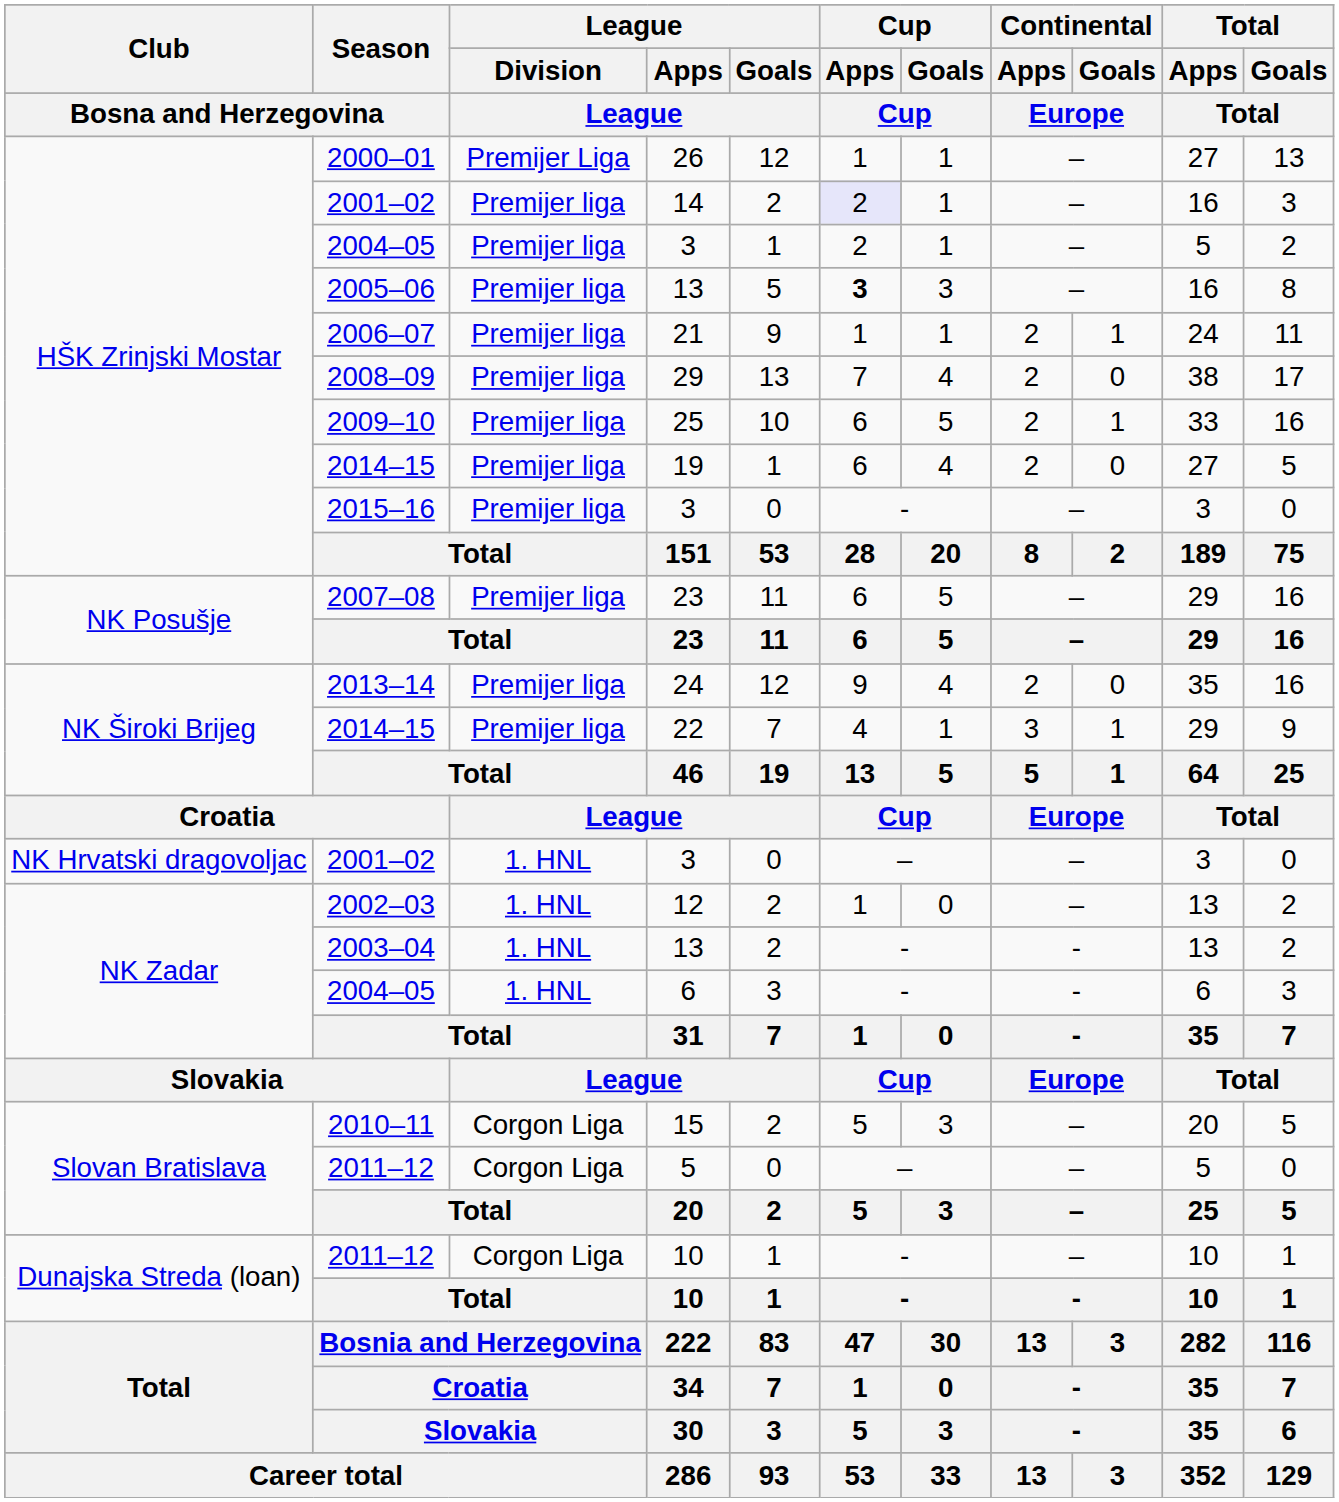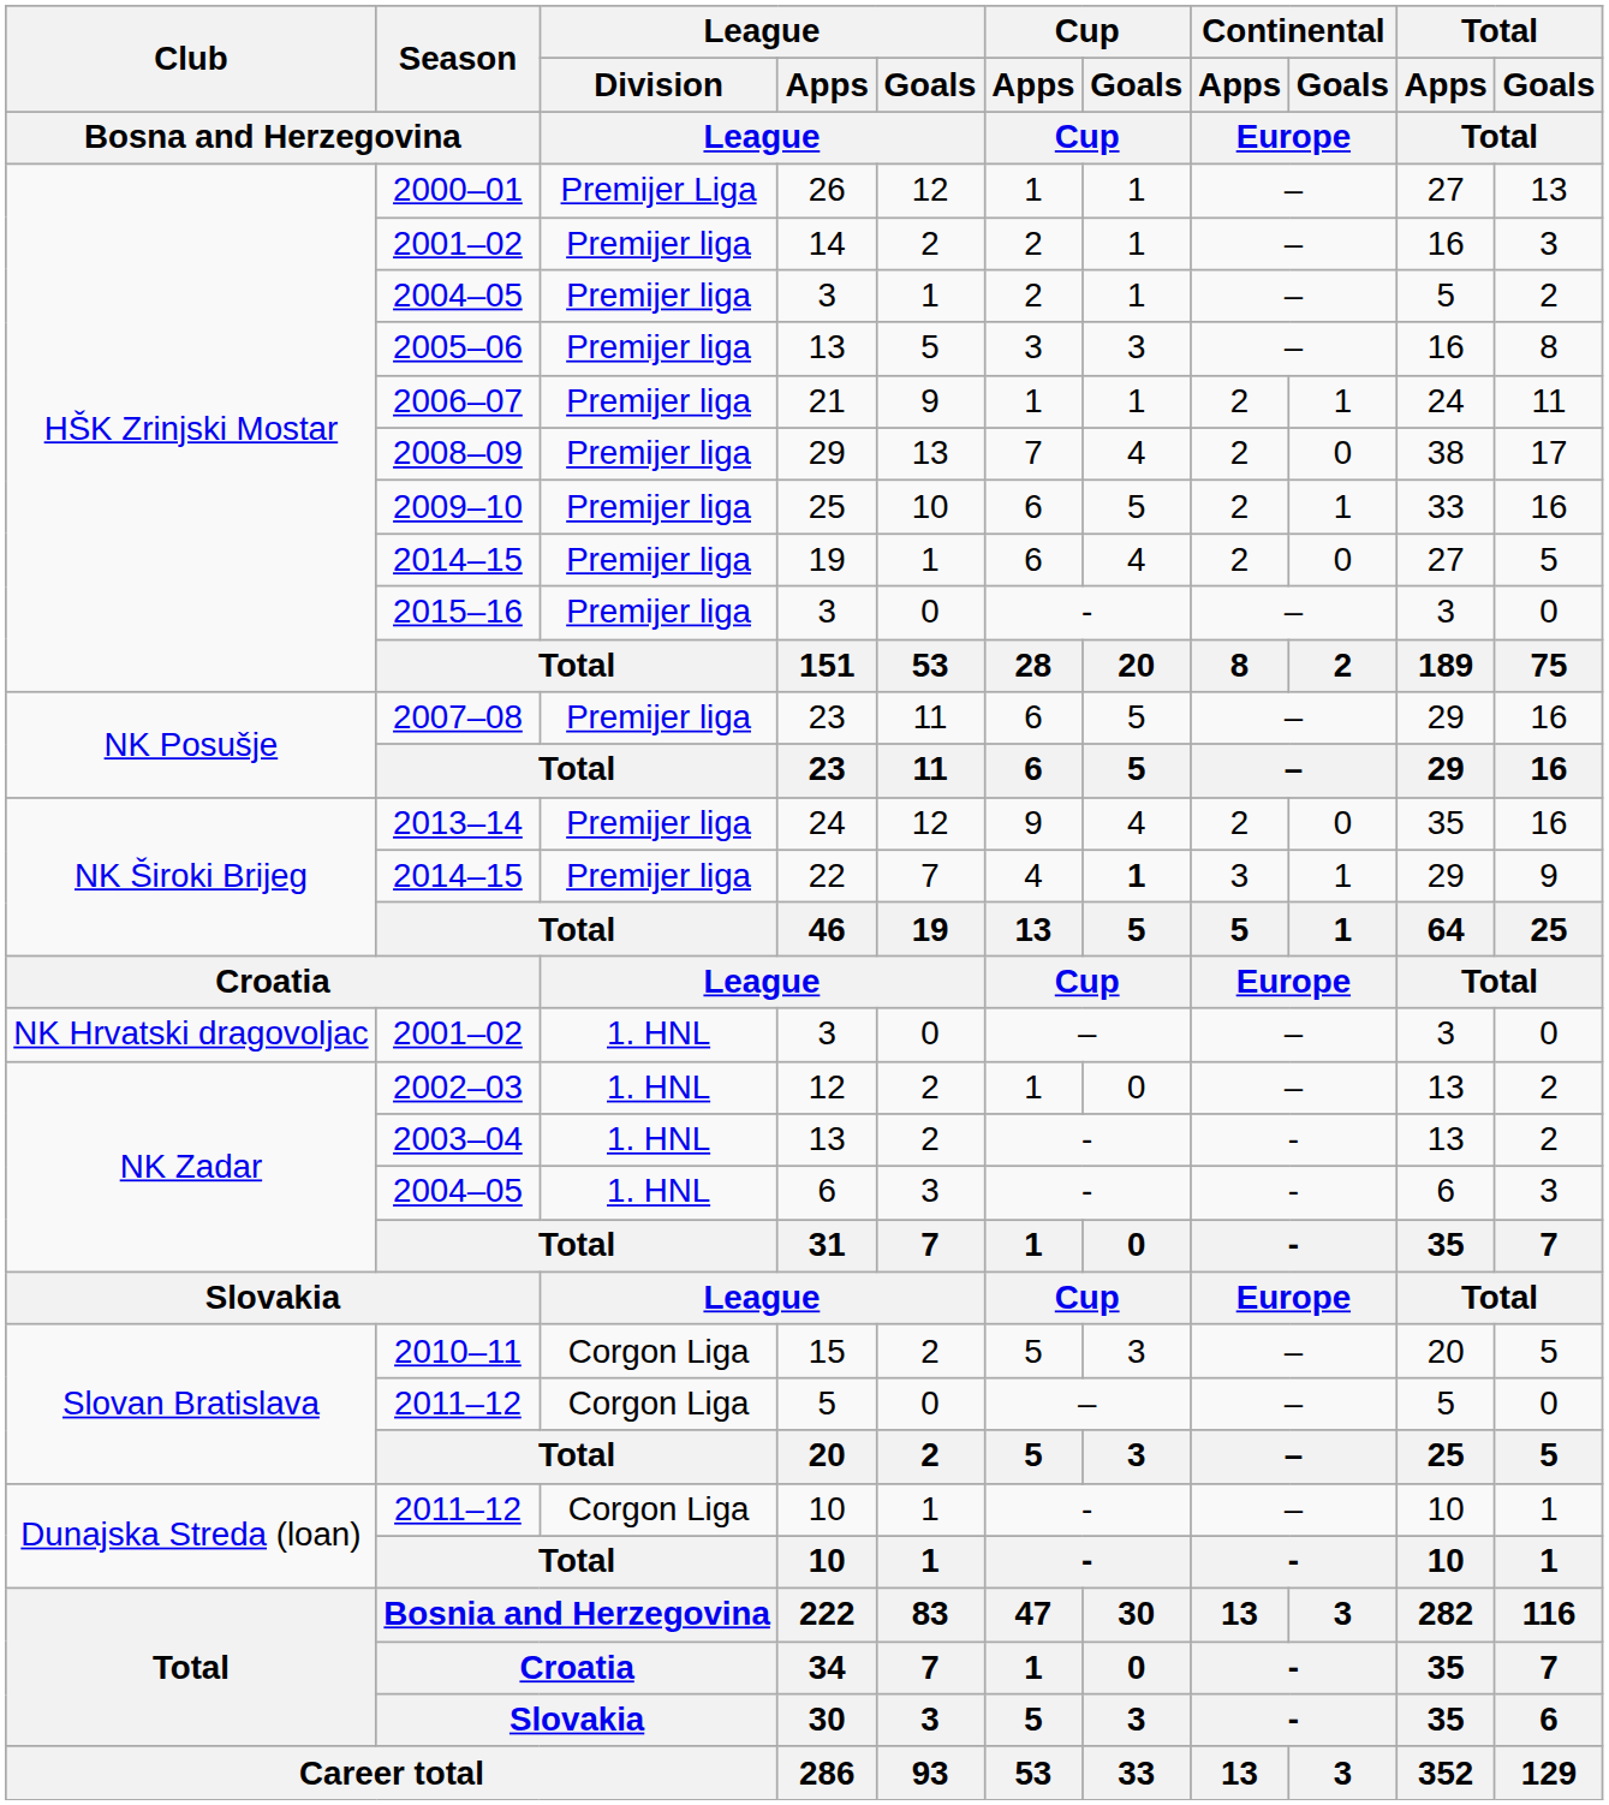 <table class="wikitable" style="text-align: center;">
 <tr>
 <th rowspan=2>Club</th>
 <th rowspan=2>Season</th>
 <th colspan=3>League</th>
 <th colspan=2>Cup</th>
 <th colspan=2>Continental</th>
 <th colspan=2>Total</th>
 </tr>
 <tr>
 <th>Division</th>
 <th>Apps</th>
 <th>Goals</th>
 <th>Apps</th>
 <th>Goals</th>
 <th>Apps</th>
 <th>Goals</th>
 <th>Apps</th>
 <th>Goals</th>
 </tr>
 <tr>
 <th colspan=2>Bosna and Herzegovina</th>
 <th colspan=3><a href='#'>League</a></th>
 <th colspan=2><a href='#'>Cup</a></th>
 <th colspan=2><a href='#'>Europe</a></th>
 <th colspan=2>Total</th>
 </tr>
 <tr>
 <td rowspan=10><a href='#'>HŠK Zrinjski Mostar</a></td>
 <td><a href='#'>2000–01</a></td>
 <td><a href='#'>Premijer Liga</a></td>
 <td>26</td>
 <td>12</td>
 <td>1</td>
 <td>1</td>
 <td colspan=2>–</td>
 <td>27</td>
 <td>13</td>
 </tr>
 <tr>
 <td><a href='#'>2001–02</a></td>
 <td><a href='#'>Premijer liga</a></td>
 <td>14</td>
 <td>2</td>
-<td style="background: lavender;">2</td>
+<td>2</td>
 <td>1</td>
 <td colspan=2>–</td>
 <td>16</td>
 <td>3</td>
 </tr>
 <tr>
 <td><a href='#'>2004–05</a></td>
 <td><a href='#'>Premijer liga</a></td>
 <td>3</td>
 <td>1</td>
 <td>2</td>
 <td>1</td>
 <td colspan=2>–</td>
 <td>5</td>
 <td>2</td>
 </tr>
 <tr>
 <td><a href='#'>2005–06</a></td>
 <td><a href='#'>Premijer liga</a></td>
 <td>13</td>
 <td>5</td>
-<td><strong>3</strong></td>
+<td>3</td>
 <td>3</td>
 <td colspan=2>–</td>
 <td>16</td>
 <td>8</td>
 </tr>
 <tr>
 <td><a href='#'>2006–07</a></td>
 <td><a href='#'>Premijer liga</a></td>
 <td>21</td>
 <td>9</td>
 <td>1</td>
 <td>1</td>
 <td>2</td>
 <td>1</td>
 <td>24</td>
 <td>11</td>
 </tr>
 <tr>
 <td><a href='#'>2008–09</a></td>
 <td><a href='#'>Premijer liga</a></td>
 <td>29</td>
 <td>13</td>
 <td>7</td>
 <td>4</td>
 <td>2</td>
 <td>0</td>
 <td>38</td>
 <td>17</td>
 </tr>
 <tr>
 <td><a href='#'>2009–10</a></td>
 <td><a href='#'>Premijer liga</a></td>
 <td>25</td>
 <td>10</td>
 <td>6</td>
 <td>5</td>
 <td>2</td>
 <td>1</td>
 <td>33</td>
 <td>16</td>
 </tr>
 <tr>
 <td><a href='#'>2014–15</a></td>
 <td><a href='#'>Premijer liga</a></td>
 <td>19</td>
 <td>1</td>
 <td>6</td>
 <td>4</td>
 <td>2</td>
 <td>0</td>
 <td>27</td>
 <td>5</td>
 </tr>
 <tr>
 <td><a href='#'>2015–16</a></td>
 <td><a href='#'>Premijer liga</a></td>
 <td>3</td>
 <td>0</td>
 <td colspan=2>-</td>
 <td colspan=2>–</td>
 <td>3</td>
 <td>0</td>
 </tr>
 <tr>
 <th colspan=2>Total</th>
 <th>151</th>
 <th>53</th>
 <th>28</th>
 <th>20</th>
 <th>8</th>
 <th>2</th>
 <th>189</th>
 <th>75</th>
 </tr>
 <tr>
 <td rowspan=2><a href='#'>NK Posušje</a></td>
 <td><a href='#'>2007–08</a></td>
 <td><a href='#'>Premijer liga</a></td>
 <td>23</td>
 <td>11</td>
 <td>6</td>
 <td>5</td>
 <td colspan=2>–</td>
 <td>29</td>
 <td>16</td>
 </tr>
 <tr>
 <th colspan=2>Total</th>
 <th>23</th>
 <th>11</th>
 <th>6</th>
 <th>5</th>
 <th colspan=2>–</th>
 <th>29</th>
 <th>16</th>
 </tr>
 <tr>
 <td rowspan=3><a href='#'>NK Široki Brijeg</a></td>
 <td><a href='#'>2013–14</a></td>
 <td><a href='#'>Premijer liga</a></td>
 <td>24</td>
 <td>12</td>
 <td>9</td>
 <td>4</td>
 <td>2</td>
 <td>0</td>
 <td>35</td>
 <td>16</td>
 </tr>
 <tr>
 <td><a href='#'>2014–15</a></td>
 <td><a href='#'>Premijer liga</a></td>
 <td>22</td>
 <td>7</td>
 <td>4</td>
-<td>1</td>
+<td><strong>1</strong></td>
 <td>3</td>
 <td>1</td>
 <td>29</td>
 <td>9</td>
 </tr>
 <tr>
 <th colspan=2>Total</th>
 <th>46</th>
 <th>19</th>
 <th>13</th>
 <th>5</th>
 <th>5</th>
 <th>1</th>
 <th>64</th>
 <th>25</th>
 </tr>
 <tr>
 <th colspan=2>Croatia</th>
 <th colspan=3><a href='#'>League</a></th>
 <th colspan=2><a href='#'>Cup</a></th>
 <th colspan=2><a href='#'>Europe</a></th>
 <th colspan=2>Total</th>
 </tr>
 <tr>
 <td rowspan=1><a href='#'>NK Hrvatski dragovoljac</a></td>
 <td><a href='#'>2001–02</a></td>
 <td><a href='#'>1. HNL</a></td>
 <td>3</td>
 <td>0</td>
 <td colspan=2>–</td>
 <td colspan=2>–</td>
 <td>3</td>
 <td>0</td>
 </tr>
 <tr>
 <td rowspan=4><a href='#'>NK Zadar</a></td>
 <td><a href='#'>2002–03</a></td>
 <td><a href='#'>1. HNL</a></td>
 <td>12</td>
 <td>2</td>
 <td>1</td>
 <td>0</td>
 <td colspan=2>–</td>
 <td>13</td>
 <td>2</td>
 </tr>
 <tr>
 <td><a href='#'>2003–04</a></td>
 <td><a href='#'>1. HNL</a></td>
 <td>13</td>
 <td>2</td>
 <td colspan=2>-</td>
 <td colspan=2>-</td>
 <td>13</td>
 <td>2</td>
 </tr>
 <tr>
 <td><a href='#'>2004–05</a></td>
 <td><a href='#'>1. HNL</a></td>
 <td>6</td>
 <td>3</td>
 <td colspan=2>-</td>
 <td colspan=2>-</td>
 <td>6</td>
 <td>3</td>
 </tr>
 <tr>
 <th colspan=2>Total</th>
 <th>31</th>
 <th>7</th>
 <th>1</th>
 <th>0</th>
 <th colspan=2>-</th>
 <th>35</th>
 <th>7</th>
 </tr>
 <tr>
 <th colspan=2>Slovakia</th>
 <th colspan=3><a href='#'>League</a></th>
 <th colspan=2><a href='#'>Cup</a></th>
 <th colspan=2><a href='#'>Europe</a></th>
 <th colspan=2>Total</th>
 </tr>
 <tr>
 <td rowspan=3><a href='#'>Slovan Bratislava</a></td>
 <td><a href='#'>2010–11</a></td>
 <td>Corgon Liga</td>
 <td>15</td>
 <td>2</td>
 <td>5</td>
 <td>3</td>
 <td colspan=2>–</td>
 <td>20</td>
 <td>5</td>
 </tr>
 <tr>
 <td><a href='#'>2011–12</a></td>
 <td>Corgon Liga</td>
 <td>5</td>
 <td>0</td>
 <td colspan=2>–</td>
 <td colspan=2>–</td>
 <td>5</td>
 <td>0</td>
 </tr>
 <tr>
 <th colspan=2>Total</th>
 <th>20</th>
 <th>2</th>
 <th>5</th>
 <th>3</th>
 <th colspan=2>–</th>
 <th>25</th>
 <th>5</th>
 </tr>
 <tr>
 <td rowspan=2><a href='#'>Dunajska Streda</a> (loan)</td>
 <td><a href='#'>2011–12</a></td>
 <td>Corgon Liga</td>
 <td>10</td>
 <td>1</td>
 <td colspan=2>-</td>
 <td colspan=2>–</td>
 <td>10</td>
 <td>1</td>
 </tr>
 <tr>
 <th colspan=2>Total</th>
 <th>10</th>
 <th>1</th>
 <th colspan=2>-</th>
 <th colspan=2>-</th>
 <th>10</th>
 <th>1</th>
 </tr>
 <tr>
 <th rowspan=3>Total</th>
 <th colspan=2><a href='#'>Bosnia and Herzegovina</a></th>
 <th>222</th>
 <th>83</th>
 <th>47</th>
 <th>30</th>
 <th>13</th>
 <th>3</th>
 <th>282</th>
 <th>116</th>
 </tr>
 <tr>
 <th colspan=2><a href='#'>Croatia</a></th>
 <th>34</th>
 <th>7</th>
 <th>1</th>
 <th>0</th>
 <th colspan=2>-</th>
 <th>35</th>
 <th>7</th>
 </tr>
 <tr>
 <th colspan=2><a href='#'>Slovakia</a></th>
 <th>30</th>
 <th>3</th>
 <th>5</th>
 <th>3</th>
 <th colspan=2>-</th>
 <th>35</th>
 <th>6</th>
 </tr>
 <tr>
 <th colspan=3>Career total</th>
 <th>286</th>
 <th>93</th>
 <th>53</th>
 <th>33</th>
 <th>13</th>
 <th>3</th>
 <th>352</th>
 <th>129</th>
 </tr>
 </table>
